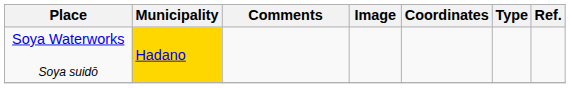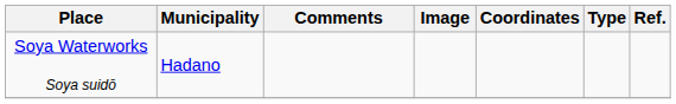 <table class="wikitable sortable"  style="width:100%;">
 <tr>
 <th width="30%" align="left">Place</th>
 <th width="10%" align="left">Municipality</th>
 <th width="30%" align="left" class="unsortable">Comments</th>
 <th width="10%" align="left"  class="unsortable">Image</th>
 <th width="10%" align="left" class="unsortable">Coordinates</th>
 <th width="5%" align="left">Type</th>
 <th width="5%" align="left"  class="unsortable">Ref.</th>
 </tr>
 <tr>
 <td align="center"><a href='#'>Soya Waterworks</a><br><br><small><em>Soya suidō</em></small></td>
-<td style="background: gold;"><a href='#'>Hadano</a></td>
+<td><a href='#'>Hadano</a></td>
 <td></td>
 <td></td>
 <td></td>
 <td></td>
 <td></td>
 </tr>
 <tr>
 </tr>
 </table>
